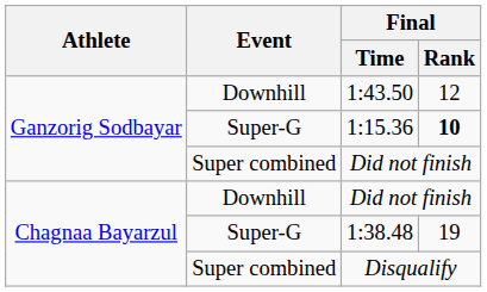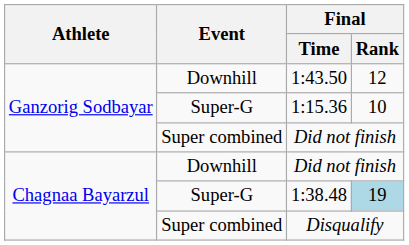 <table class="wikitable" style="text-align:center;">
 <tr>
 <th rowspan="2">Athlete</th>
 <th rowspan="2">Event</th>
 <th colspan="2">Final</th>
 </tr>
 <tr>
 <th>Time</th>
 <th>Rank</th>
 </tr>
 <tr>
 <td rowspan="3"><a href='#'>Ganzorig Sodbayar</a></td>
 <td>Downhill</td>
 <td>1:43.50</td>
 <td>12</td>
 </tr>
 <tr>
 <td>Super-G</td>
 <td>1:15.36</td>
-<td><strong>10</strong></td>
+<td>10</td>
 </tr>
 <tr>
 <td>Super combined</td>
 <td colspan="2"><em>Did not finish</em></td>
 </tr>
 <tr>
 <td rowspan="3"><a href='#'>Chagnaa Bayarzul</a></td>
 <td>Downhill</td>
 <td colspan="2"><em>Did not finish</em></td>
 </tr>
 <tr>
 <td>Super-G</td>
 <td>1:38.48</td>
-<td>19</td>
+<td style="background: lightblue;">19</td>
 </tr>
 <tr>
 <td>Super combined</td>
 <td colspan="2"><em>Disqualify</em></td>
 </tr>
 </table>
